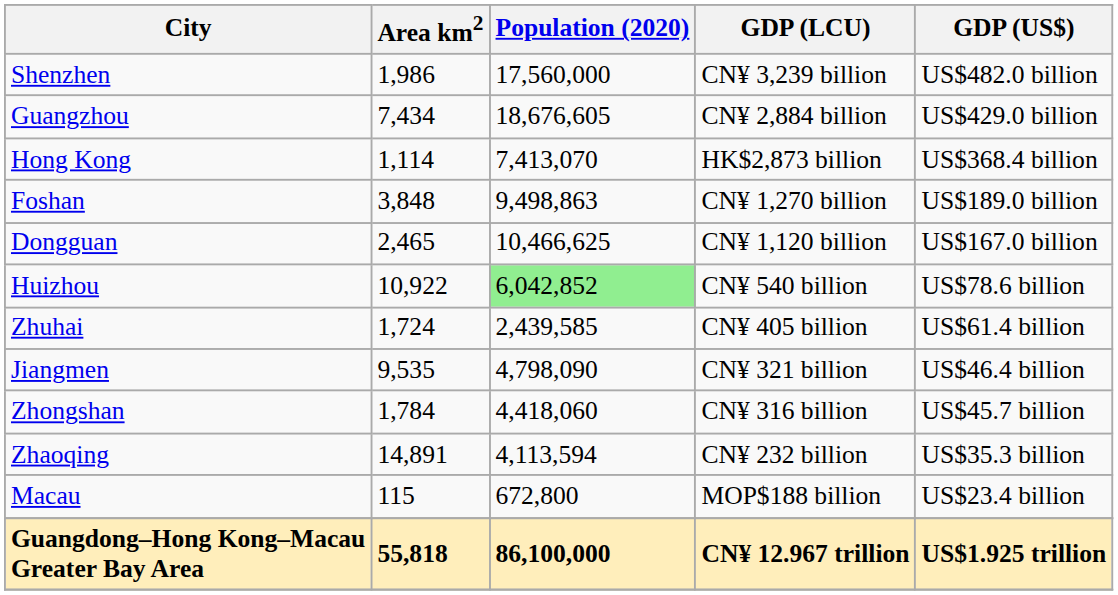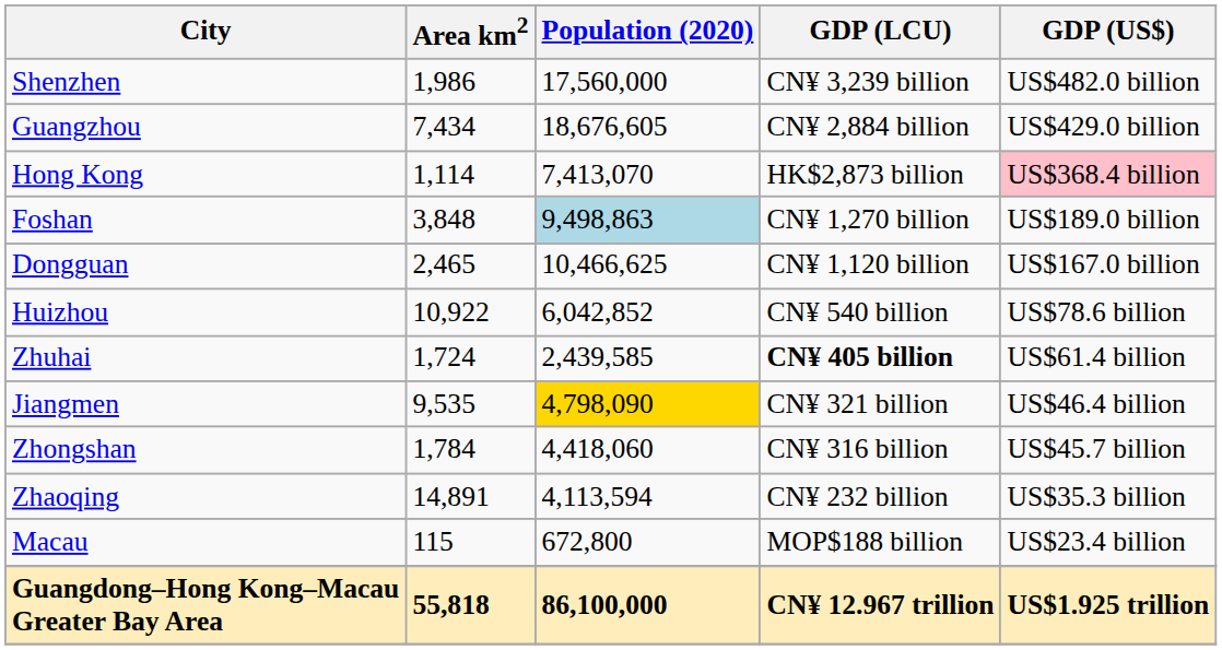 <table class="wikitable sortable" style="font-size:85%;">
 <tr>
 <th>City</th>
 <th>Area km<sup>2</sup></th>
 <th><a href='#'>Population (2020)</a></th>
 <th>GDP (LCU)</th>
 <th>GDP (US$)</th>
 </tr>
 <tr>
 <td><a href='#'>Shenzhen</a></td>
 <td>1,986</td>
 <td>17,560,000</td>
 <td>CN¥ 3,239 billion</td>
 <td>US$482.0 billion</td>
 </tr>
 <tr>
 <td><a href='#'>Guangzhou</a></td>
 <td>7,434</td>
 <td>18,676,605</td>
 <td>CN¥ 2,884 billion</td>
 <td>US$429.0 billion</td>
 </tr>
 <tr>
 <td><a href='#'>Hong Kong</a></td>
 <td>1,114</td>
 <td>7,413,070</td>
 <td>HK$2,873 billion</td>
-<td>US$368.4 billion</td>
+<td style="background: pink;">US$368.4 billion</td>
 </tr>
 <tr>
 <td><a href='#'>Foshan</a></td>
 <td>3,848</td>
-<td>9,498,863</td>
+<td style="background: lightblue;">9,498,863</td>
 <td>CN¥ 1,270 billion</td>
 <td>US$189.0 billion</td>
 </tr>
 <tr>
 <td><a href='#'>Dongguan</a></td>
 <td>2,465</td>
 <td>10,466,625</td>
 <td>CN¥ 1,120 billion</td>
 <td>US$167.0 billion</td>
 </tr>
 <tr>
 <td><a href='#'>Huizhou</a></td>
 <td>10,922</td>
-<td style="background: lightgreen;">6,042,852</td>
+<td>6,042,852</td>
 <td>CN¥ 540 billion</td>
 <td>US$78.6 billion</td>
 </tr>
 <tr>
 <td><a href='#'>Zhuhai</a></td>
 <td>1,724</td>
 <td>2,439,585</td>
-<td>CN¥ 405 billion</td>
+<td><strong>CN¥ 405 billion</strong></td>
 <td>US$61.4 billion</td>
 </tr>
 <tr>
 <td><a href='#'>Jiangmen</a></td>
 <td>9,535</td>
-<td>4,798,090</td>
+<td style="background: gold;">4,798,090</td>
 <td>CN¥ 321 billion</td>
 <td>US$46.4 billion</td>
 </tr>
 <tr>
 <td><a href='#'>Zhongshan</a></td>
 <td>1,784</td>
 <td>4,418,060</td>
 <td>CN¥ 316 billion</td>
 <td>US$45.7 billion</td>
 </tr>
 <tr>
 <td><a href='#'>Zhaoqing</a></td>
 <td>14,891</td>
 <td>4,113,594</td>
 <td>CN¥ 232 billion</td>
 <td>US$35.3 billion</td>
 </tr>
 <tr>
 <td><a href='#'>Macau</a></td>
 <td>115</td>
 <td>672,800</td>
 <td>MOP$188 billion</td>
 <td>US$23.4 billion</td>
 </tr>
 <tr>
 </tr>
 <tr style="background:#feb;">
 <td><strong>Guangdong–Hong Kong–Macau<br>Greater Bay Area</strong></td>
 <td><strong> 55,818 </strong></td>
 <td><strong> 86,100,000 </strong></td>
 <td><strong> CN¥ 12.967 trillion </strong></td>
 <td><strong> US$1.925 trillion  </strong></td>
 </tr>
 <tr>
 </tr>
 </table>
